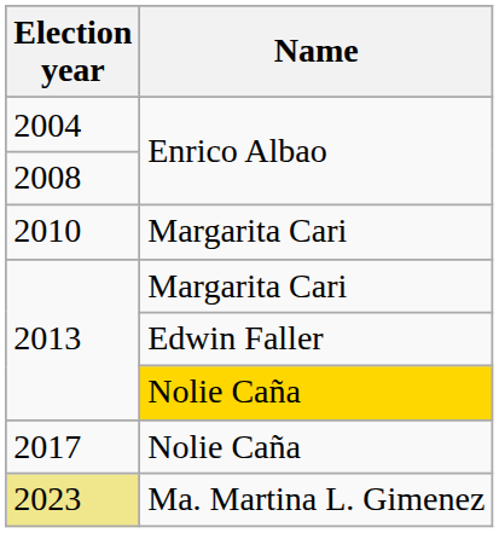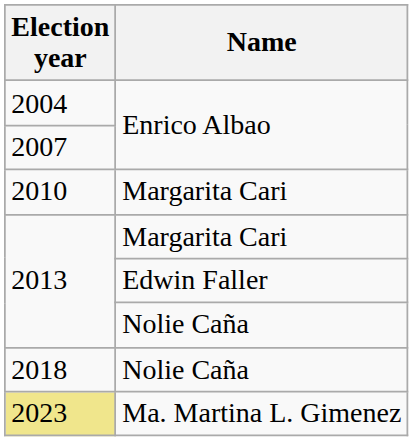 <table class=wikitable>
 <tr>
 <th>Election<br>year</th>
 <th>Name</th>
 </tr>
 <tr>
 <td>2004</td>
 <td rowspan="2">Enrico Albao</td>
 </tr>
 <tr>
-<td>2008</td>
+<td>2007</td>
 </tr>
 <tr>
 <td>2010</td>
 <td>Margarita Cari</td>
 </tr>
 <tr>
 <td rowspan=3>2013</td>
 <td>Margarita Cari</td>
 </tr>
 <tr>
 <td>Edwin Faller</td>
 </tr>
 <tr>
-<td style="background: gold;">Nolie Caña</td>
+<td>Nolie Caña</td>
 </tr>
 <tr>
-<td>2017</td>
+<td>2018</td>
 <td>Nolie Caña</td>
 </tr>
 <tr>
 <td style="background: khaki;">2023</td>
 <td>Ma. Martina L. Gimenez</td>
 </tr>
 </table>
